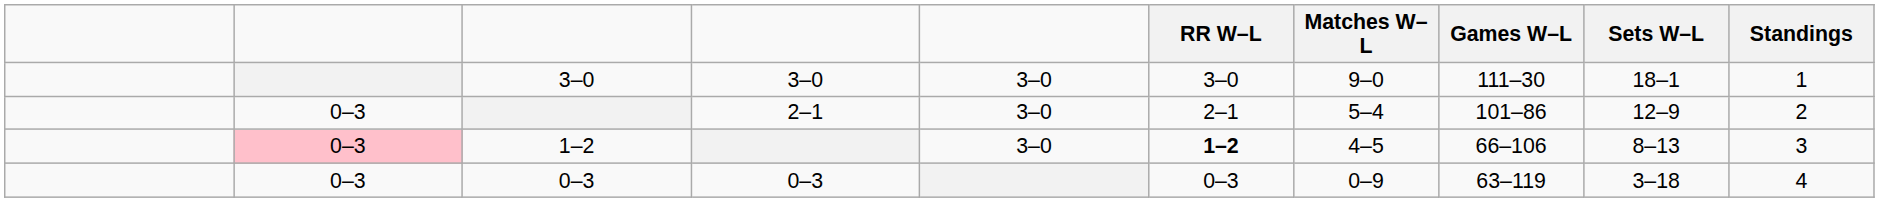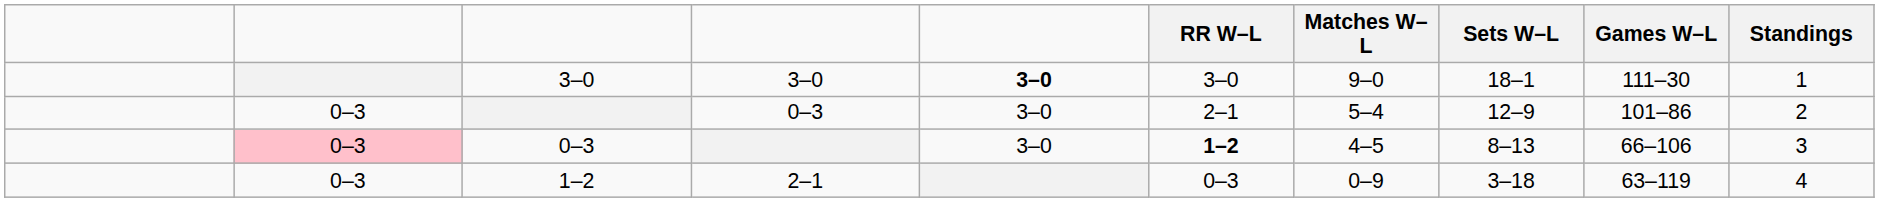 <table class="wikitable" style="width: 100%; text-align:center; font-size:90%">
 <tr>
 <td width=130></td>
 <td width=130></td>
 <td width=130></td>
 <td width=130></td>
 <td width=130></td>
 <th width=80>RR W–L</th>
 <th width=80>Matches W–L</th>
+<th width=80>Sets W–L</th>
 <th width=80>Games W–L</th>
-<th width=80>Sets W–L</th>
 <th width=80>Standings</th>
 </tr>
 <tr>
 <td style="text-align:left;"></td>
 <th bgcolor="ededed"></th>
 <td>3–0</td>
 <td>3–0</td>
-<td>3–0</td>
+<td><strong>3–0</strong></td>
 <td>3–0</td>
 <td>9–0</td>
+<td>18–1</td>
 <td>111–30</td>
-<td>18–1</td>
 <td>1</td>
 </tr>
 <tr>
 <td style="text-align:left;"></td>
 <td>0–3</td>
 <th bgcolor="ededed"></th>
-<td>2–1</td>
+<td>0–3</td>
 <td>3–0</td>
 <td>2–1</td>
 <td>5–4</td>
+<td>12–9</td>
 <td>101–86</td>
-<td>12–9</td>
 <td>2</td>
 </tr>
 <tr>
 <td style="text-align:left;"></td>
 <td style="background: pink;">0–3</td>
-<td>1–2</td>
+<td>0–3</td>
 <th bgcolor="ededed"></th>
 <td>3–0</td>
 <td><strong>1–2</strong></td>
 <td>4–5</td>
+<td>8–13</td>
 <td>66–106</td>
-<td>8–13</td>
 <td>3</td>
 </tr>
 <tr>
 <td style="text-align:left;"></td>
 <td>0–3</td>
-<td>0–3</td>
-<td>0–3</td>
+<td>1–2</td>
+<td>2–1</td>
 <th bgcolor="ededed"></th>
 <td>0–3</td>
 <td>0–9</td>
+<td>3–18</td>
 <td>63–119</td>
-<td>3–18</td>
 <td>4</td>
 </tr>
 </table>
